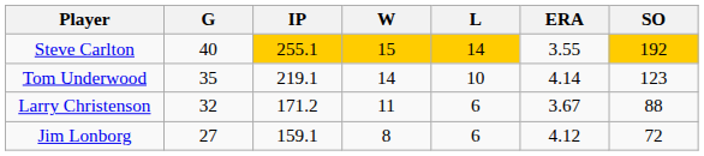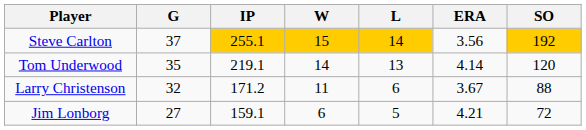 <table class="wikitable sortable">
 <tr>
 <th bgcolor="#DDDDFF" width="16%">Player</th>
 <th bgcolor="#DDDDFF" width="9%">G</th>
 <th bgcolor="#DDDDFF" width="9%">IP</th>
 <th bgcolor="#DDDDFF" width="9%">W</th>
 <th bgcolor="#DDDDFF" width="9%">L</th>
 <th bgcolor="#DDDDFF" width="9%">ERA</th>
 <th bgcolor="#DDDDFF" width="9%">SO</th>
 </tr>
 <tr align="center">
 <td><a href='#'>Steve Carlton</a></td>
-<td>40</td>
+<td>37</td>
 <td style="background:#fc0;">255.1</td>
 <td style="background:#fc0;">15</td>
 <td style="background:#fc0;">14</td>
-<td>3.55</td>
+<td>3.56</td>
 <td style="background:#fc0;">192</td>
 </tr>
 <tr align="center">
 <td><a href='#'>Tom Underwood</a></td>
 <td>35</td>
 <td>219.1</td>
 <td>14</td>
-<td>10</td>
+<td>13</td>
 <td>4.14</td>
-<td>123</td>
+<td>120</td>
 </tr>
 <tr align="center">
 <td><a href='#'>Larry Christenson</a></td>
 <td>32</td>
 <td>171.2</td>
 <td>11</td>
 <td>6</td>
 <td>3.67</td>
 <td>88</td>
 </tr>
 <tr align="center">
 <td><a href='#'>Jim Lonborg</a></td>
 <td>27</td>
 <td>159.1</td>
-<td>8</td>
 <td>6</td>
-<td>4.12</td>
+<td>5</td>
+<td>4.21</td>
 <td>72</td>
 </tr>
 </table>
